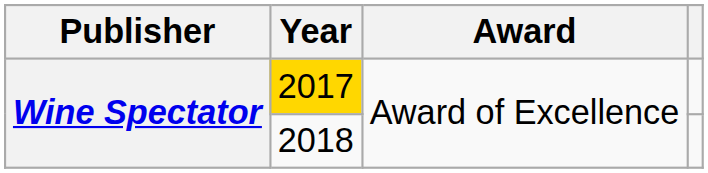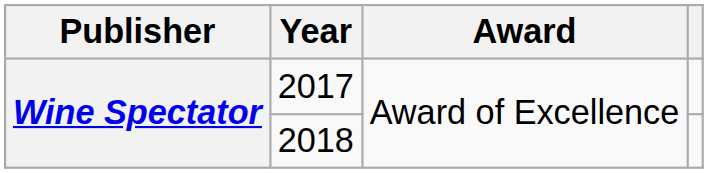 <table class="wikitable plainrowheaders sortable" style="text-align:center">
 <tr>
 <th scope="col">Publisher</th>
 <th scope="col">Year</th>
 <th scope="col">Award</th>
 <th scope="col" class="unsortable"></th>
 </tr>
 <tr>
 <th rowspan="2" scope="row"><em><a href='#'>Wine Spectator</a></em></th>
-<td style="background: gold;">2017</td>
+<td>2017</td>
 <td rowspan="2">Award of Excellence</td>
 <td></td>
 </tr>
 <tr>
 <td>2018</td>
 <td></td>
 </tr>
 </table>
